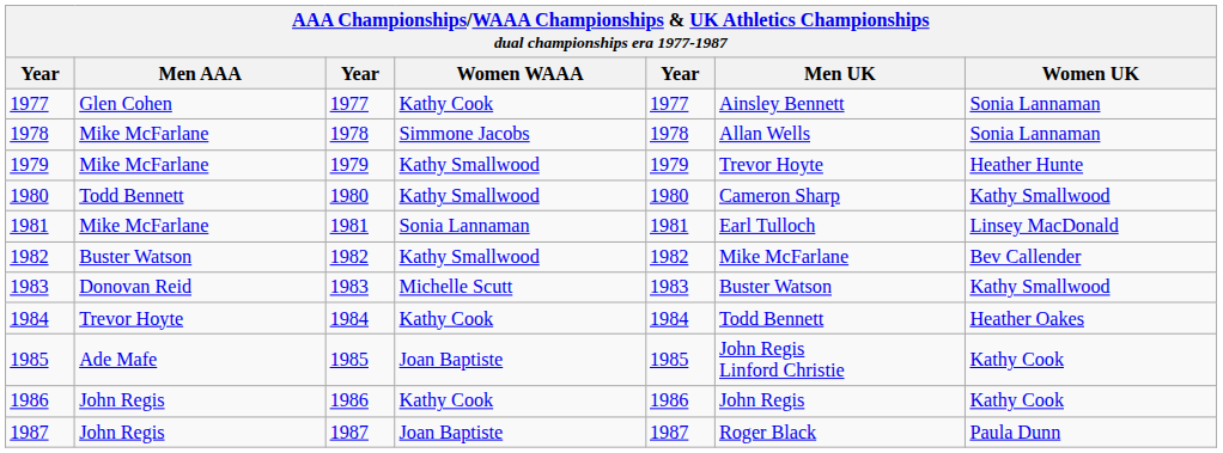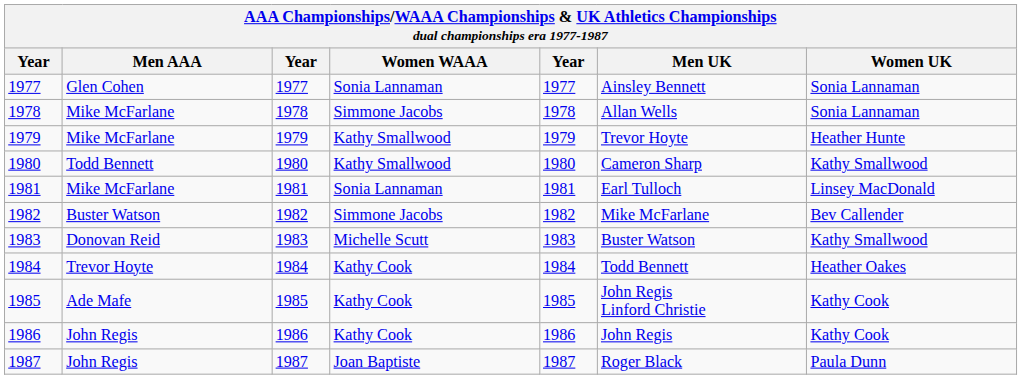 <table class="wikitable">
 <tr>
 <th colspan="7"><a href='#'>AAA Championships</a>/<a href='#'>WAAA Championships</a> & <a href='#'>UK Athletics Championships</a><br><em><small>dual championships era 1977-1987</small></em></th>
 </tr>
 <tr>
 <th width=50>Year</th>
 <th width=200>Men AAA</th>
 <th width=50>Year</th>
 <th width=200>Women WAAA</th>
 <th width=50>Year</th>
 <th width=200>Men UK</th>
 <th width=200>Women UK</th>
 </tr>
 <tr>
 <td><a href='#'>1977</a></td>
 <td><a href='#'>Glen Cohen</a></td>
 <td><a href='#'>1977</a></td>
-<td><a href='#'>Kathy Cook</a></td>
+<td><a href='#'>Sonia Lannaman</a></td>
 <td><a href='#'>1977</a></td>
 <td><a href='#'>Ainsley Bennett</a></td>
 <td><a href='#'>Sonia Lannaman</a></td>
 </tr>
 <tr>
 <td><a href='#'>1978</a></td>
 <td><a href='#'>Mike McFarlane</a></td>
 <td><a href='#'>1978</a></td>
 <td><a href='#'>Simmone Jacobs</a></td>
 <td><a href='#'>1978</a></td>
 <td><a href='#'>Allan Wells</a></td>
 <td><a href='#'>Sonia Lannaman</a></td>
 </tr>
 <tr>
 <td><a href='#'>1979</a></td>
 <td><a href='#'>Mike McFarlane</a></td>
 <td><a href='#'>1979</a></td>
 <td><a href='#'>Kathy Smallwood</a></td>
 <td><a href='#'>1979</a></td>
 <td><a href='#'>Trevor Hoyte</a></td>
 <td><a href='#'>Heather Hunte</a></td>
 </tr>
 <tr>
 <td><a href='#'>1980</a></td>
 <td><a href='#'>Todd Bennett</a></td>
 <td><a href='#'>1980</a></td>
 <td><a href='#'>Kathy Smallwood</a></td>
 <td><a href='#'>1980</a></td>
 <td><a href='#'>Cameron Sharp</a></td>
 <td><a href='#'>Kathy Smallwood</a></td>
 </tr>
 <tr>
 <td><a href='#'>1981</a></td>
 <td><a href='#'>Mike McFarlane</a></td>
 <td><a href='#'>1981</a></td>
 <td><a href='#'>Sonia Lannaman</a></td>
 <td><a href='#'>1981</a></td>
 <td><a href='#'>Earl Tulloch</a></td>
 <td><a href='#'>Linsey MacDonald</a></td>
 </tr>
 <tr>
 <td><a href='#'>1982</a></td>
 <td><a href='#'>Buster Watson</a></td>
 <td><a href='#'>1982</a></td>
-<td><a href='#'>Kathy Smallwood</a></td>
+<td><a href='#'>Simmone Jacobs</a></td>
 <td><a href='#'>1982</a></td>
 <td><a href='#'>Mike McFarlane</a></td>
 <td><a href='#'>Bev Callender</a></td>
 </tr>
 <tr>
 <td><a href='#'>1983</a></td>
 <td><a href='#'>Donovan Reid</a></td>
 <td><a href='#'>1983</a></td>
 <td><a href='#'>Michelle Scutt</a></td>
 <td><a href='#'>1983</a></td>
 <td><a href='#'>Buster Watson</a></td>
 <td><a href='#'>Kathy Smallwood</a></td>
 </tr>
 <tr>
 <td><a href='#'>1984</a></td>
 <td><a href='#'>Trevor Hoyte</a></td>
 <td><a href='#'>1984</a></td>
 <td><a href='#'>Kathy Cook</a></td>
 <td><a href='#'>1984</a></td>
 <td><a href='#'>Todd Bennett</a></td>
 <td><a href='#'>Heather Oakes</a></td>
 </tr>
 <tr>
 <td><a href='#'>1985</a></td>
 <td><a href='#'>Ade Mafe</a></td>
 <td><a href='#'>1985</a></td>
-<td><a href='#'>Joan Baptiste</a></td>
+<td><a href='#'>Kathy Cook</a></td>
 <td><a href='#'>1985</a></td>
 <td><a href='#'>John Regis</a><br><a href='#'>Linford Christie</a></td>
 <td><a href='#'>Kathy Cook</a></td>
 </tr>
 <tr>
 <td><a href='#'>1986</a></td>
 <td><a href='#'>John Regis</a></td>
 <td><a href='#'>1986</a></td>
 <td><a href='#'>Kathy Cook</a></td>
 <td><a href='#'>1986</a></td>
 <td><a href='#'>John Regis</a></td>
 <td><a href='#'>Kathy Cook</a></td>
 </tr>
 <tr>
 <td><a href='#'>1987</a></td>
 <td><a href='#'>John Regis</a></td>
 <td><a href='#'>1987</a></td>
 <td><a href='#'>Joan Baptiste</a></td>
 <td><a href='#'>1987</a></td>
 <td><a href='#'>Roger Black</a></td>
 <td><a href='#'>Paula Dunn</a></td>
 </tr>
 </table>
